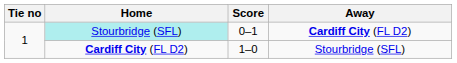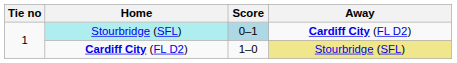 <table class="wikitable" style="text-align:center">
 <tr>
 <th width=50>Tie no</th>
 <th width=250>Home</th>
 <th width=50>Score</th>
 <th width=250>Away</th>
 </tr>
 <tr>
 <td rowspan=2>1</td>
 <td style="background: paleturquoise;"><a href='#'>Stourbridge</a> (<a href='#'>SFL</a>)</td>
-<td>0–1</td>
+<td style="background: lightblue;">0–1</td>
 <td><strong><a href='#'>Cardiff City</a></strong> (<a href='#'>FL D2</a>)</td>
 </tr>
 <tr>
 <td><strong><a href='#'>Cardiff City</a></strong> (<a href='#'>FL D2</a>)</td>
 <td>1–0</td>
-<td><a href='#'>Stourbridge</a> (<a href='#'>SFL</a>)</td>
+<td style="background: khaki;"><a href='#'>Stourbridge</a> (<a href='#'>SFL</a>)</td>
 </tr>
 </table>
